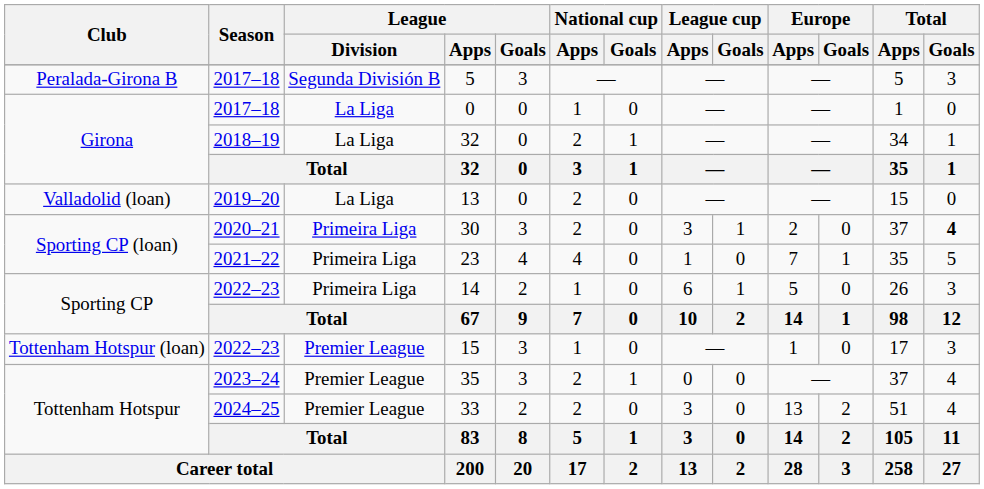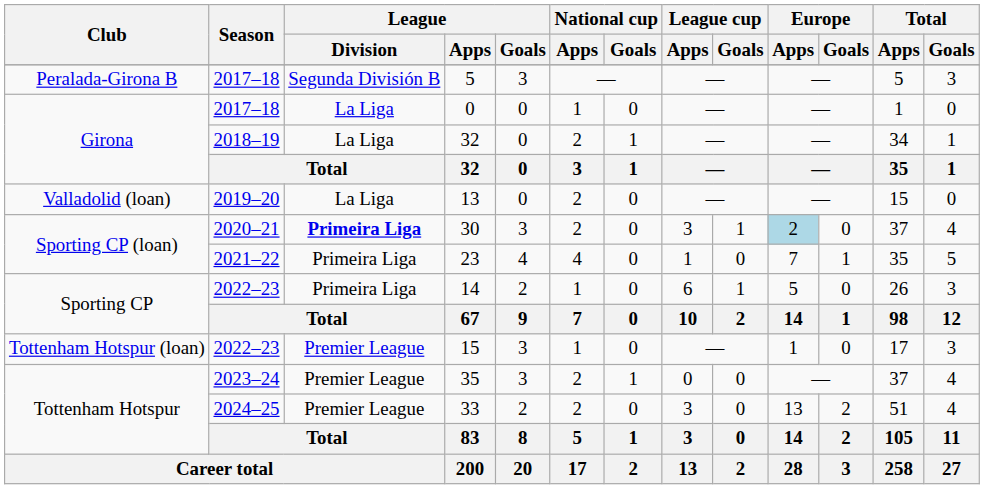 <table class="wikitable" style="text-align: center">
 <tr>
 <th rowspan="2">Club</th>
 <th rowspan="2">Season</th>
 <th colspan="3">League</th>
 <th colspan="2">National cup</th>
 <th colspan="2">League cup</th>
 <th colspan="2">Europe</th>
 <th colspan="2">Total</th>
 </tr>
 <tr>
 <th>Division</th>
 <th>Apps</th>
 <th>Goals</th>
 <th>Apps</th>
 <th>Goals</th>
 <th>Apps</th>
 <th>Goals</th>
 <th>Apps</th>
 <th>Goals</th>
 <th>Apps</th>
 <th>Goals</th>
 </tr>
 <tr>
 </tr>
 <tr>
 <td><a href='#'>Peralada-Girona B</a></td>
 <td><a href='#'>2017–18</a></td>
 <td><a href='#'>Segunda División B</a></td>
 <td>5</td>
 <td>3</td>
 <td colspan="2">—</td>
 <td colspan="2">—</td>
 <td colspan="2">—</td>
 <td>5</td>
 <td>3</td>
 </tr>
 <tr>
 <td rowspan="3"><a href='#'>Girona</a></td>
 <td><a href='#'>2017–18</a></td>
 <td><a href='#'>La Liga</a></td>
 <td>0</td>
 <td>0</td>
 <td>1</td>
 <td>0</td>
 <td colspan="2">—</td>
 <td colspan="2">—</td>
 <td>1</td>
 <td>0</td>
 </tr>
 <tr>
 <td><a href='#'>2018–19</a></td>
 <td>La Liga</td>
 <td>32</td>
 <td>0</td>
 <td>2</td>
 <td>1</td>
 <td colspan="2">—</td>
 <td colspan="2">—</td>
 <td>34</td>
 <td>1</td>
 </tr>
 <tr>
 <th colspan="2">Total</th>
 <th>32</th>
 <th>0</th>
 <th>3</th>
 <th>1</th>
 <th colspan="2">—</th>
 <th colspan="2">—</th>
 <th>35</th>
 <th>1</th>
 </tr>
 <tr>
 <td><a href='#'>Valladolid</a> (loan)</td>
 <td><a href='#'>2019–20</a></td>
 <td>La Liga</td>
 <td>13</td>
 <td>0</td>
 <td>2</td>
 <td>0</td>
 <td colspan="2">—</td>
 <td colspan="2">—</td>
 <td>15</td>
 <td>0</td>
 </tr>
 <tr>
 <td rowspan="2"><a href='#'>Sporting CP</a> (loan)</td>
 <td><a href='#'>2020–21</a></td>
-<td><a href='#'>Primeira Liga</a></td>
+<td><strong><a href='#'>Primeira Liga</a></strong></td>
 <td>30</td>
 <td>3</td>
 <td>2</td>
 <td>0</td>
 <td>3</td>
 <td>1</td>
-<td>2</td>
+<td style="background: lightblue;">2</td>
 <td>0</td>
 <td>37</td>
-<td><strong>4</strong></td>
+<td>4</td>
 </tr>
 <tr>
 <td><a href='#'>2021–22</a></td>
 <td>Primeira Liga</td>
 <td>23</td>
 <td>4</td>
 <td>4</td>
 <td>0</td>
 <td>1</td>
 <td>0</td>
 <td>7</td>
 <td>1</td>
 <td>35</td>
 <td>5</td>
 </tr>
 <tr>
 <td rowspan="2">Sporting CP</td>
 <td><a href='#'>2022–23</a></td>
 <td>Primeira Liga</td>
 <td>14</td>
 <td>2</td>
 <td>1</td>
 <td>0</td>
 <td>6</td>
 <td>1</td>
 <td>5</td>
 <td>0</td>
 <td>26</td>
 <td>3</td>
 </tr>
 <tr>
 <th colspan="2">Total</th>
 <th>67</th>
 <th>9</th>
 <th>7</th>
 <th>0</th>
 <th>10</th>
 <th>2</th>
 <th>14</th>
 <th>1</th>
 <th>98</th>
 <th>12</th>
 </tr>
 <tr>
 <td><a href='#'>Tottenham Hotspur</a> (loan)</td>
 <td><a href='#'>2022–23</a></td>
 <td><a href='#'>Premier League</a></td>
 <td>15</td>
 <td>3</td>
 <td>1</td>
 <td>0</td>
 <td colspan="2">—</td>
 <td>1</td>
 <td>0</td>
 <td>17</td>
 <td>3</td>
 </tr>
 <tr>
 <td rowspan="3">Tottenham Hotspur</td>
 <td><a href='#'>2023–24</a></td>
 <td>Premier League</td>
 <td>35</td>
 <td>3</td>
 <td>2</td>
 <td>1</td>
 <td>0</td>
 <td>0</td>
 <td colspan="2">—</td>
 <td>37</td>
 <td>4</td>
 </tr>
 <tr>
 <td><a href='#'>2024–25</a></td>
 <td>Premier League</td>
 <td>33</td>
 <td>2</td>
 <td>2</td>
 <td>0</td>
 <td>3</td>
 <td>0</td>
 <td>13</td>
 <td>2</td>
 <td>51</td>
 <td>4</td>
 </tr>
 <tr>
 <th colspan="2">Total</th>
 <th>83</th>
 <th>8</th>
 <th>5</th>
 <th>1</th>
 <th>3</th>
 <th>0</th>
 <th>14</th>
 <th>2</th>
 <th>105</th>
 <th>11</th>
 </tr>
 <tr>
 <th colspan="3">Career total</th>
 <th>200</th>
 <th>20</th>
 <th>17</th>
 <th>2</th>
 <th>13</th>
 <th>2</th>
 <th>28</th>
 <th>3</th>
 <th>258</th>
 <th>27</th>
 </tr>
 </table>
